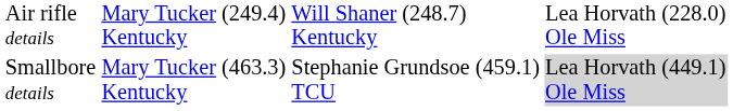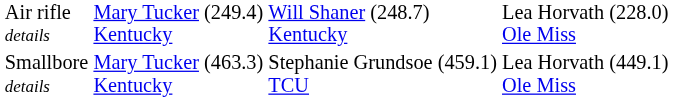 <table>
 <tr>
 <td>Air rifle<br><small><em>details</em></small></td>
 <td><a href='#'>Mary Tucker</a> (249.4)<br><a href='#'>Kentucky</a></td>
 <td><a href='#'>Will Shaner</a> (248.7)<br><a href='#'>Kentucky</a></td>
 <td>Lea Horvath (228.0)<br><a href='#'>Ole Miss</a></td>
 </tr>
 <tr>
 <td>Smallbore<br><small><em>details</em></small></td>
 <td><a href='#'>Mary Tucker</a> (463.3)<br><a href='#'>Kentucky</a></td>
 <td>Stephanie Grundsoe (459.1)<br><a href='#'>TCU</a></td>
-<td style="background: lightgrey;">Lea Horvath (449.1)<br><a href='#'>Ole Miss</a></td>
+<td>Lea Horvath (449.1)<br><a href='#'>Ole Miss</a></td>
 </tr>
 </table>
